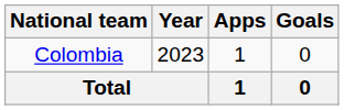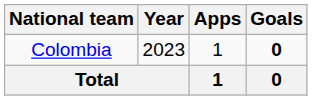 <table class="wikitable" style="text-align:center">
 <tr>
 <th>National team</th>
 <th>Year</th>
 <th>Apps</th>
 <th>Goals</th>
 </tr>
 <tr>
 <td rowspan="1"><a href='#'>Colombia</a></td>
 <td>2023</td>
 <td>1</td>
-<td>0</td>
+<td><strong>0</strong></td>
 </tr>
 <tr>
 <th colspan="2">Total</th>
 <th>1</th>
 <th>0</th>
 </tr>
 </table>
